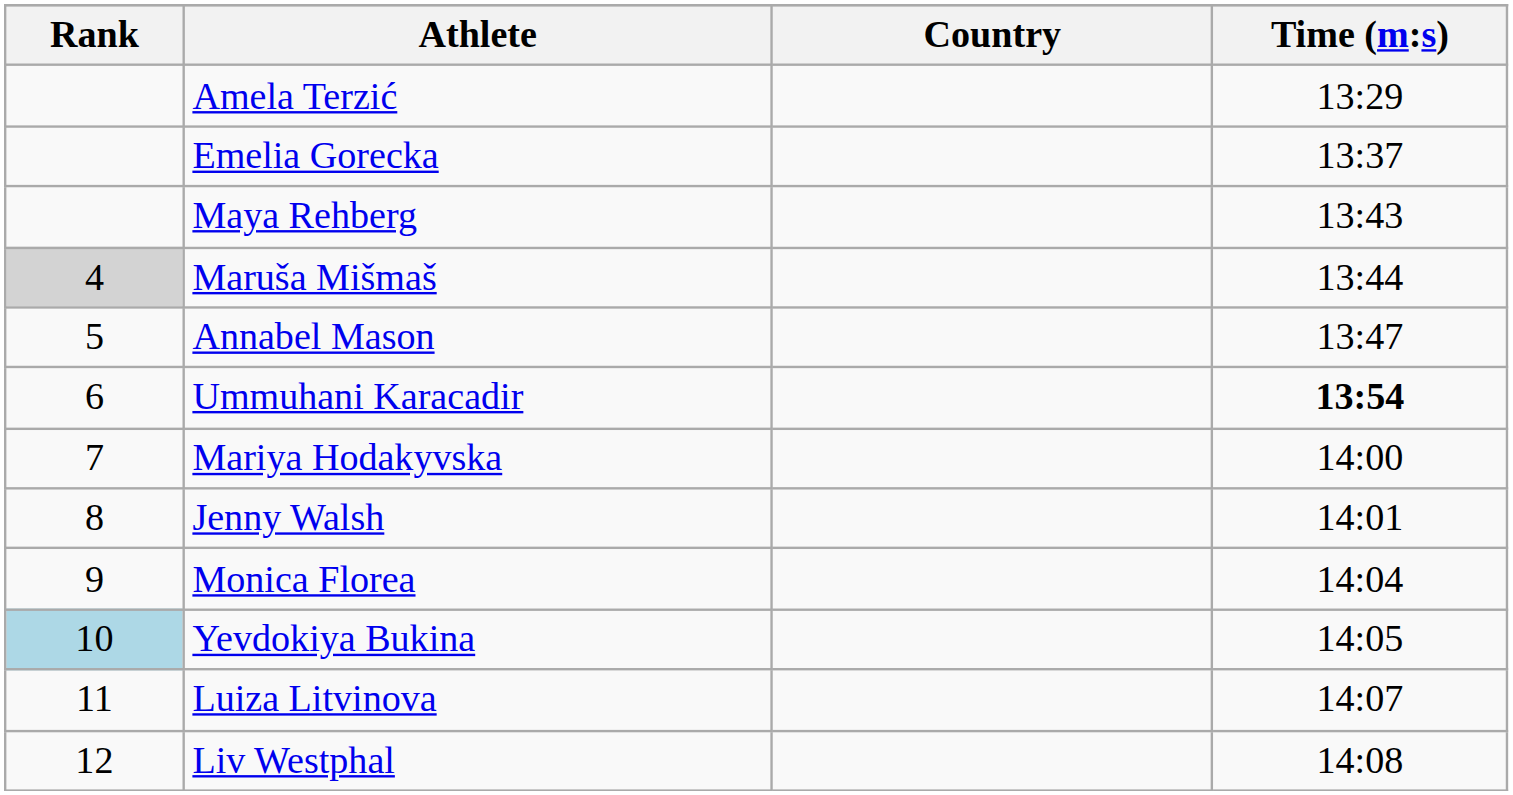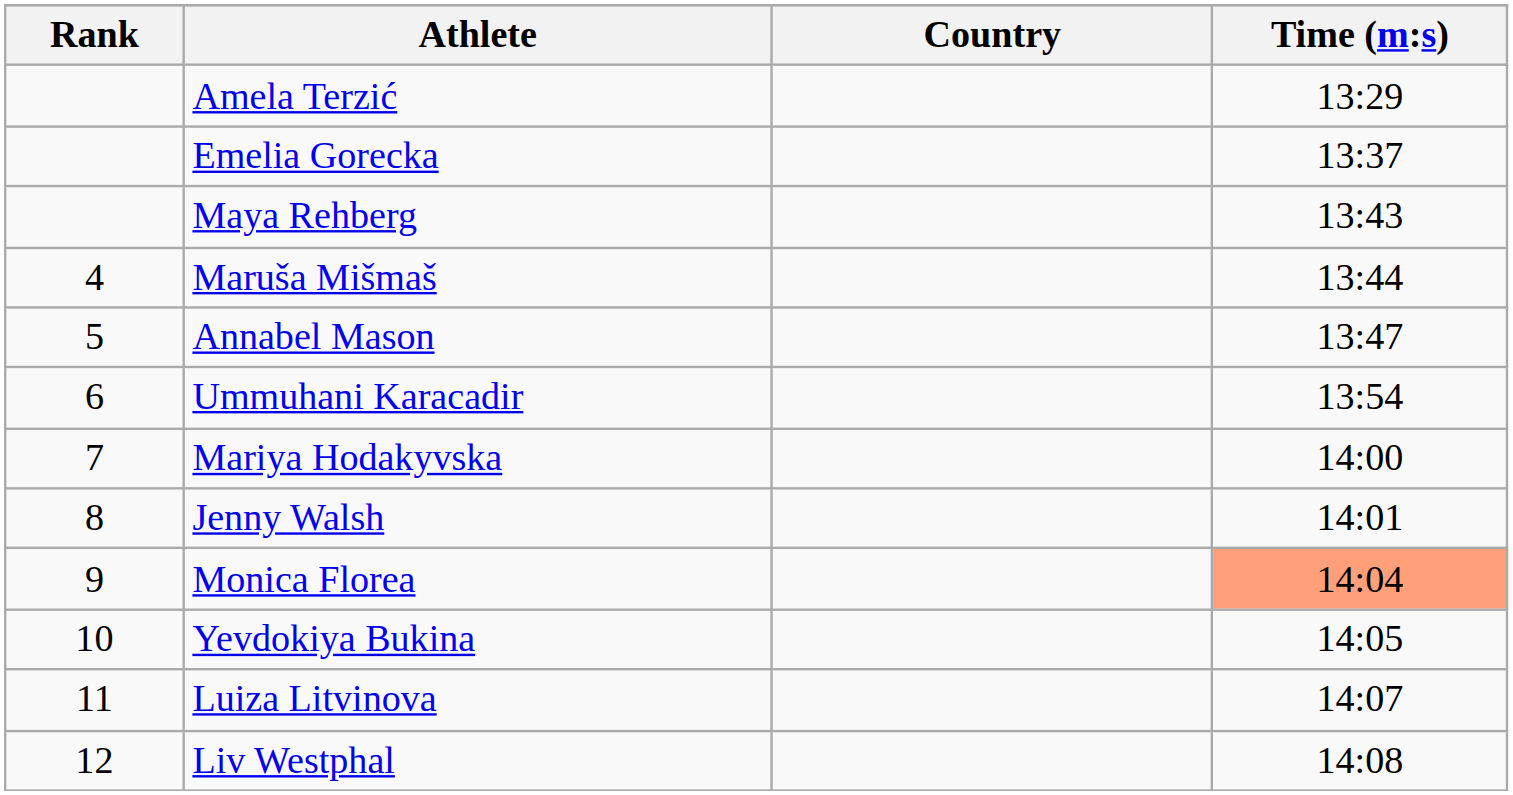 <table class="wikitable" style="width:50%;">
 <tr>
 </tr>
 <tr>
 <th width=5%>Rank</th>
 <th width=20%>Athlete</th>
 <th width=15%>Country</th>
 <th width=10%>Time (<a href='#'>m</a>:<a href='#'>s</a>)</th>
 </tr>
 <tr style="text-align:center;">
 <td></td>
 <td style="text-align:left;"><a href='#'>Amela Terzić</a></td>
 <td style="text-align:left;"></td>
 <td>13:29</td>
 </tr>
 <tr style="text-align:center;">
 <td></td>
 <td style="text-align:left;"><a href='#'>Emelia Gorecka</a></td>
 <td style="text-align:left;"></td>
 <td>13:37</td>
 </tr>
 <tr style="text-align:center;">
 <td></td>
 <td style="text-align:left;"><a href='#'>Maya Rehberg</a></td>
 <td style="text-align:left;"></td>
 <td>13:43</td>
 </tr>
 <tr style="text-align:center;">
-<td style="background: lightgrey;">4</td>
+<td>4</td>
 <td style="text-align:left;"><a href='#'>Maruša Mišmaš</a></td>
 <td style="text-align:left;"></td>
 <td>13:44</td>
 </tr>
 <tr style="text-align:center;">
 <td>5</td>
 <td style="text-align:left;"><a href='#'>Annabel Mason</a></td>
 <td style="text-align:left;"></td>
 <td>13:47</td>
 </tr>
 <tr style="text-align:center;">
 <td>6</td>
 <td style="text-align:left;"><a href='#'>Ummuhani Karacadir</a></td>
 <td style="text-align:left;"></td>
-<td><strong>13:54</strong></td>
+<td>13:54</td>
 </tr>
 <tr style="text-align:center;">
 <td>7</td>
 <td style="text-align:left;"><a href='#'>Mariya Hodakyvska</a></td>
 <td style="text-align:left;"></td>
 <td>14:00</td>
 </tr>
 <tr style="text-align:center;">
 <td>8</td>
 <td style="text-align:left;"><a href='#'>Jenny Walsh</a></td>
 <td style="text-align:left;"></td>
 <td>14:01</td>
 </tr>
 <tr style="text-align:center;">
 <td>9</td>
 <td style="text-align:left;"><a href='#'>Monica Florea</a></td>
 <td style="text-align:left;"></td>
-<td>14:04</td>
+<td style="background: lightsalmon;">14:04</td>
 </tr>
 <tr style="text-align:center;">
-<td style="background: lightblue;">10</td>
+<td>10</td>
 <td style="text-align:left;"><a href='#'>Yevdokiya Bukina</a></td>
 <td style="text-align:left;"></td>
 <td>14:05</td>
 </tr>
 <tr style="text-align:center;">
 <td>11</td>
 <td style="text-align:left;"><a href='#'>Luiza Litvinova</a></td>
 <td style="text-align:left;"></td>
 <td>14:07</td>
 </tr>
 <tr style="text-align:center;">
 <td>12</td>
 <td style="text-align:left;"><a href='#'>Liv Westphal</a></td>
 <td style="text-align:left;"></td>
 <td>14:08</td>
 </tr>
 </table>
